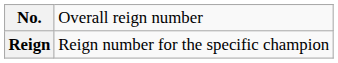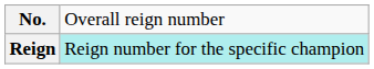 <table class="wikitable">
 <tr>
 <th>No.</th>
 <td>Overall reign number</td>
 </tr>
 <tr>
 <th>Reign</th>
-<td>Reign number for the specific champion</td>
+<td style="background: paleturquoise;">Reign number for the specific champion</td>
 </tr>
 </table>
